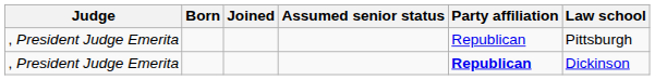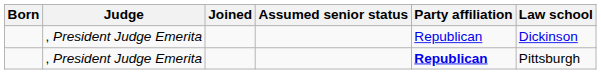 <table class="wikitable sortable">
 <tr>
+<th>Born</th>
 <th>Judge</th>
-<th>Born</th>
 <th>Joined</th>
 <th>Assumed senior status</th>
 <th>Party affiliation</th>
 <th>Law school</th>
 </tr>
 <tr>
+<td></td>
 <td>, <em>President Judge Emerita</em></td>
 <td></td>
 <td></td>
-<td></td>
 <td><a href='#'>Republican</a></td>
-<td>Pittsburgh</td>
+<td><a href='#'>Dickinson</a></td>
 </tr>
 <tr>
+<td></td>
 <td>, <em>President Judge Emerita</em></td>
 <td></td>
 <td></td>
-<td></td>
 <td><strong><a href='#'>Republican</a></strong></td>
-<td><a href='#'>Dickinson</a></td>
+<td>Pittsburgh</td>
 </tr>
 </table>
